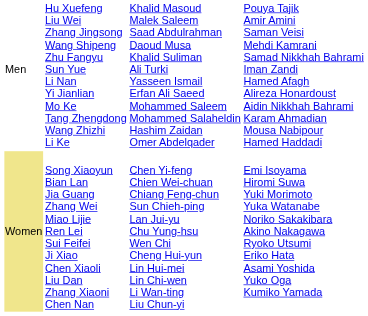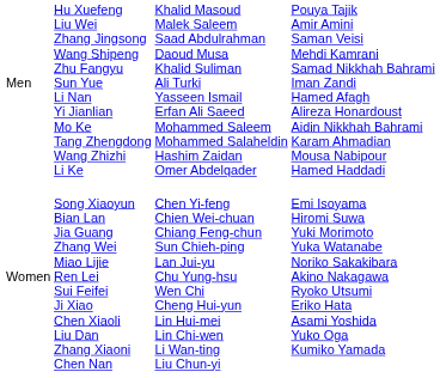 <table>
 <tr>
 <td>Men<br></td>
 <td><br><a href='#'>Hu Xuefeng</a><br><a href='#'>Liu Wei</a><br><a href='#'>Zhang Jingsong</a><br><a href='#'>Wang Shipeng</a><br><a href='#'>Zhu Fangyu</a><br><a href='#'>Sun Yue</a><br><a href='#'>Li Nan</a><br><a href='#'>Yi Jianlian</a><br><a href='#'>Mo Ke</a><br><a href='#'>Tang Zhengdong</a><br><a href='#'>Wang Zhizhi</a><br><a href='#'>Li Ke</a></td>
 <td><br><a href='#'>Khalid Masoud</a><br><a href='#'>Malek Saleem</a><br><a href='#'>Saad Abdulrahman</a><br><a href='#'>Daoud Musa</a><br><a href='#'>Khalid Suliman</a><br><a href='#'>Ali Turki</a><br><a href='#'>Yasseen Ismail</a><br><a href='#'>Erfan Ali Saeed</a><br><a href='#'>Mohammed Saleem</a><br><a href='#'>Mohammed Salaheldin</a><br><a href='#'>Hashim Zaidan</a><br><a href='#'>Omer Abdelqader</a></td>
 <td><br><a href='#'>Pouya Tajik</a><br><a href='#'>Amir Amini</a><br><a href='#'>Saman Veisi</a><br><a href='#'>Mehdi Kamrani</a><br><a href='#'>Samad Nikkhah Bahrami</a><br><a href='#'>Iman Zandi</a><br><a href='#'>Hamed Afagh</a><br><a href='#'>Alireza Honardoust</a><br><a href='#'>Aidin Nikkhah Bahrami</a><br><a href='#'>Karam Ahmadian</a><br><a href='#'>Mousa Nabipour</a><br><a href='#'>Hamed Haddadi</a></td>
 </tr>
 <tr>
-<td style="background: khaki;">Women<br></td>
+<td>Women<br></td>
 <td><br><a href='#'>Song Xiaoyun</a><br><a href='#'>Bian Lan</a><br><a href='#'>Jia Guang</a><br><a href='#'>Zhang Wei</a><br><a href='#'>Miao Lijie</a><br><a href='#'>Ren Lei</a><br><a href='#'>Sui Feifei</a><br><a href='#'>Ji Xiao</a><br><a href='#'>Chen Xiaoli</a><br><a href='#'>Liu Dan</a><br><a href='#'>Zhang Xiaoni</a><br><a href='#'>Chen Nan</a></td>
 <td><br><a href='#'>Chen Yi-feng</a><br><a href='#'>Chien Wei-chuan</a><br><a href='#'>Chiang Feng-chun</a><br><a href='#'>Sun Chieh-ping</a><br><a href='#'>Lan Jui-yu</a><br><a href='#'>Chu Yung-hsu</a><br><a href='#'>Wen Chi</a><br><a href='#'>Cheng Hui-yun</a><br><a href='#'>Lin Hui-mei</a><br><a href='#'>Lin Chi-wen</a><br><a href='#'>Li Wan-ting</a><br><a href='#'>Liu Chun-yi</a></td>
 <td valign=top><br><a href='#'>Emi Isoyama</a><br><a href='#'>Hiromi Suwa</a><br><a href='#'>Yuki Morimoto</a><br><a href='#'>Yuka Watanabe</a><br><a href='#'>Noriko Sakakibara</a><br><a href='#'>Akino Nakagawa</a><br><a href='#'>Ryoko Utsumi</a><br><a href='#'>Eriko Hata</a><br><a href='#'>Asami Yoshida</a><br><a href='#'>Yuko Oga</a><br><a href='#'>Kumiko Yamada</a></td>
 </tr>
 </table>
